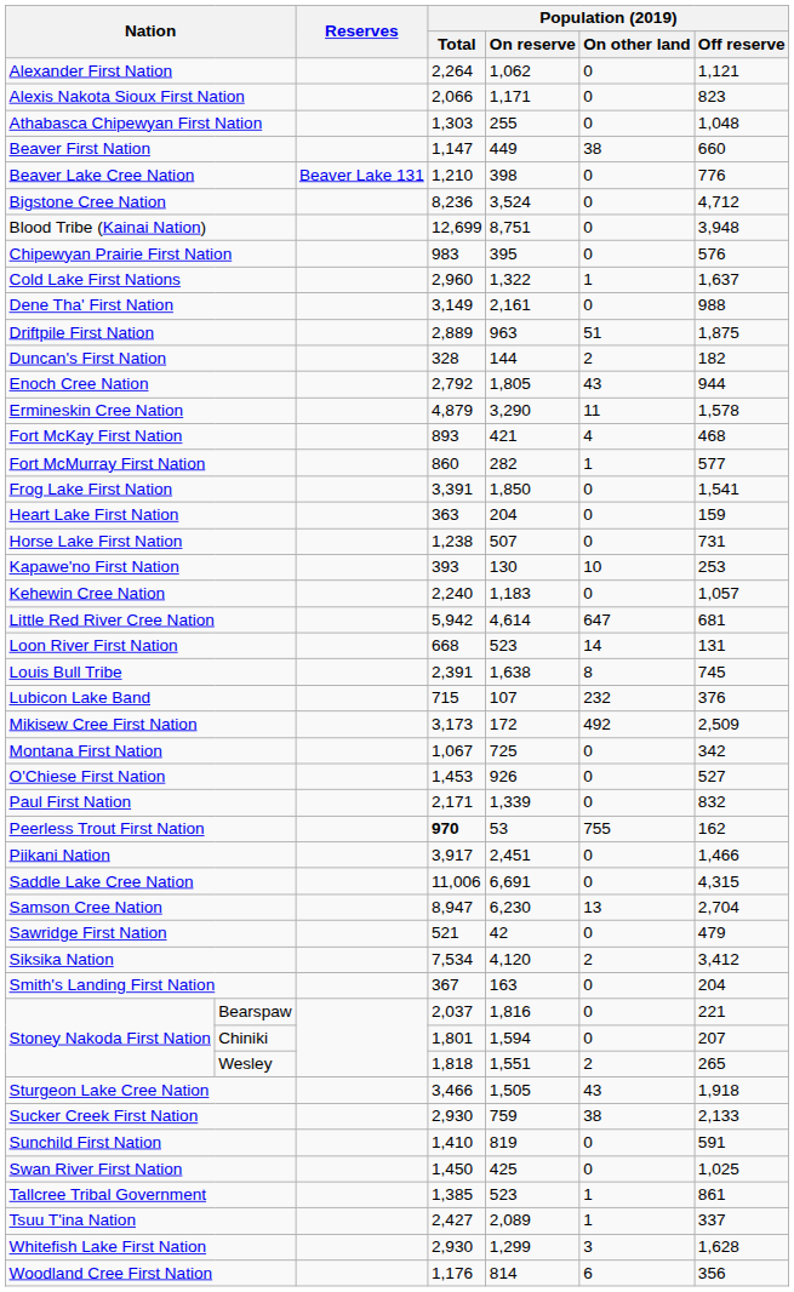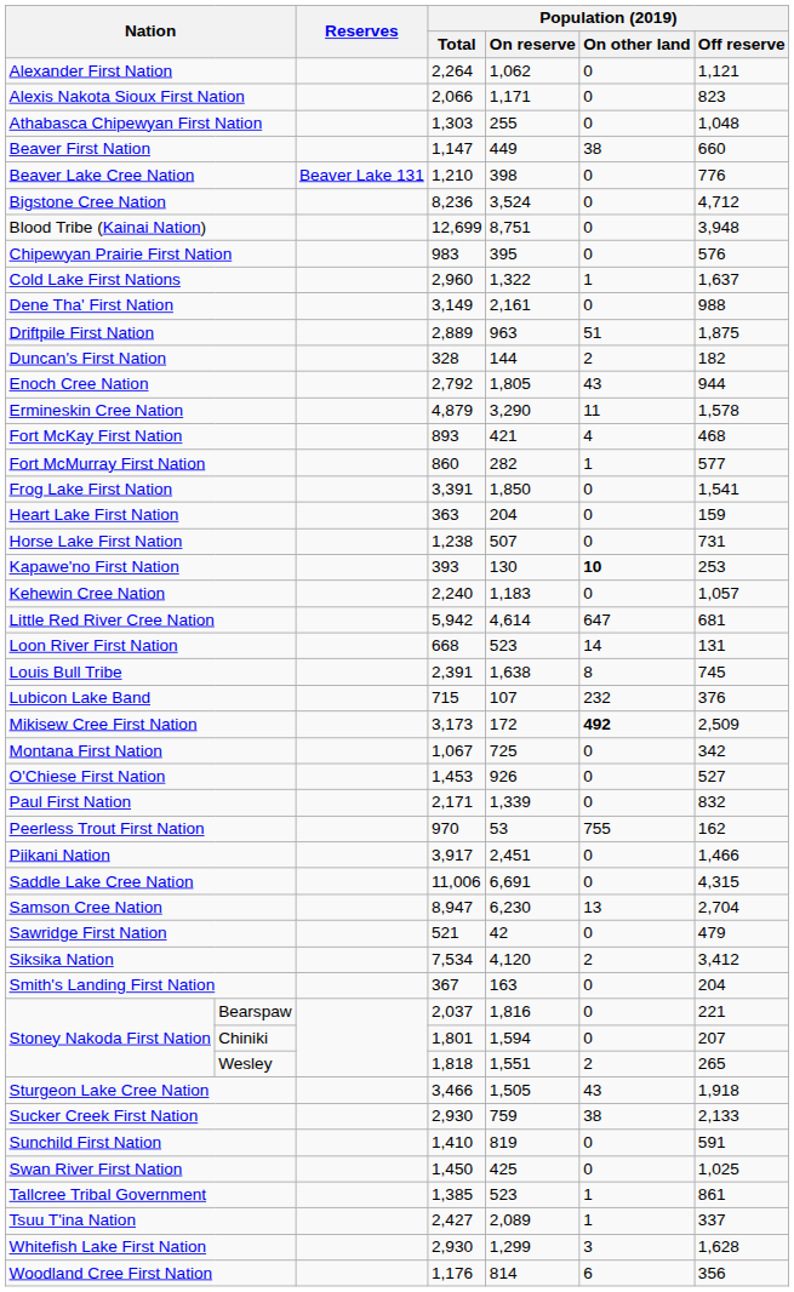 <table class="wikitable sortable">
 <tr>
 <th colspan="2" rowspan="2">Nation</th>
 <th rowspan="2" class=unsortable><a href='#'>Reserves</a></th>
 <th colspan="4">Population (2019)</th>
 </tr>
 <tr>
 <th>Total</th>
 <th>On reserve</th>
 <th>On other land</th>
 <th>Off reserve</th>
 </tr>
 <tr>
 <td colspan="2"><a href='#'>Alexander First Nation</a></td>
 <td></td>
 <td>2,264</td>
 <td>1,062</td>
 <td>0</td>
 <td>1,121</td>
 </tr>
 <tr>
 <td colspan="2"><a href='#'>Alexis Nakota Sioux First Nation</a></td>
 <td></td>
 <td>2,066</td>
 <td>1,171</td>
 <td>0</td>
 <td>823</td>
 </tr>
 <tr>
 <td colspan="2"><a href='#'>Athabasca Chipewyan First Nation</a></td>
 <td></td>
 <td>1,303</td>
 <td>255</td>
 <td>0</td>
 <td>1,048</td>
 </tr>
 <tr>
 <td colspan="2"><a href='#'>Beaver First Nation</a></td>
 <td></td>
 <td>1,147</td>
 <td>449</td>
 <td>38</td>
 <td>660</td>
 </tr>
 <tr>
 <td colspan="2"><a href='#'>Beaver Lake Cree Nation</a></td>
 <td><a href='#'>Beaver Lake 131</a></td>
 <td>1,210</td>
 <td>398</td>
 <td>0</td>
 <td>776</td>
 </tr>
 <tr>
 <td colspan="2"><a href='#'>Bigstone Cree Nation</a></td>
 <td></td>
 <td>8,236</td>
 <td>3,524</td>
 <td>0</td>
 <td>4,712</td>
 </tr>
 <tr>
 <td colspan="2">Blood Tribe (<a href='#'>Kainai Nation</a>)</td>
 <td></td>
 <td>12,699</td>
 <td>8,751</td>
 <td>0</td>
 <td>3,948</td>
 </tr>
 <tr>
 <td colspan="2"><a href='#'>Chipewyan Prairie First Nation</a></td>
 <td></td>
 <td>983</td>
 <td>395</td>
 <td>0</td>
 <td>576</td>
 </tr>
 <tr>
 <td colspan="2"><a href='#'>Cold Lake First Nations</a></td>
 <td></td>
 <td>2,960</td>
 <td>1,322</td>
 <td>1</td>
 <td>1,637</td>
 </tr>
 <tr>
 <td colspan="2"><a href='#'>Dene Tha' First Nation</a></td>
 <td></td>
 <td>3,149</td>
 <td>2,161</td>
 <td>0</td>
 <td>988</td>
 </tr>
 <tr>
 <td colspan="2"><a href='#'>Driftpile First Nation</a></td>
 <td></td>
 <td>2,889</td>
 <td>963</td>
 <td>51</td>
 <td>1,875</td>
 </tr>
 <tr>
 <td colspan="2"><a href='#'>Duncan's First Nation</a></td>
 <td></td>
 <td>328</td>
 <td>144</td>
 <td>2</td>
 <td>182</td>
 </tr>
 <tr>
 <td colspan="2"><a href='#'>Enoch Cree Nation</a></td>
 <td></td>
 <td>2,792</td>
 <td>1,805</td>
 <td>43</td>
 <td>944</td>
 </tr>
 <tr>
 <td colspan="2"><a href='#'>Ermineskin Cree Nation</a></td>
 <td></td>
 <td>4,879</td>
 <td>3,290</td>
 <td>11</td>
 <td>1,578</td>
 </tr>
 <tr>
 <td colspan="2"><a href='#'>Fort McKay First Nation</a></td>
 <td></td>
 <td>893</td>
 <td>421</td>
 <td>4</td>
 <td>468</td>
 </tr>
 <tr>
 <td colspan="2"><a href='#'>Fort McMurray First Nation</a></td>
 <td></td>
 <td>860</td>
 <td>282</td>
 <td>1</td>
 <td>577</td>
 </tr>
 <tr>
 <td colspan="2"><a href='#'>Frog Lake First Nation</a></td>
 <td></td>
 <td>3,391</td>
 <td>1,850</td>
 <td>0</td>
 <td>1,541</td>
 </tr>
 <tr>
 <td colspan="2"><a href='#'>Heart Lake First Nation</a></td>
 <td></td>
 <td>363</td>
 <td>204</td>
 <td>0</td>
 <td>159</td>
 </tr>
 <tr>
 <td colspan="2"><a href='#'>Horse Lake First Nation</a></td>
 <td></td>
 <td>1,238</td>
 <td>507</td>
 <td>0</td>
 <td>731</td>
 </tr>
 <tr>
 <td colspan="2"><a href='#'>Kapawe'no First Nation</a></td>
 <td></td>
 <td>393</td>
 <td>130</td>
-<td>10</td>
+<td><strong>10</strong></td>
 <td>253</td>
 </tr>
 <tr>
 <td colspan="2"><a href='#'>Kehewin Cree Nation</a></td>
 <td></td>
 <td>2,240</td>
 <td>1,183</td>
 <td>0</td>
 <td>1,057</td>
 </tr>
 <tr>
 <td colspan="2"><a href='#'>Little Red River Cree Nation</a></td>
 <td></td>
 <td>5,942</td>
 <td>4,614</td>
 <td>647</td>
 <td>681</td>
 </tr>
 <tr>
 <td colspan="2"><a href='#'>Loon River First Nation</a></td>
 <td></td>
 <td>668</td>
 <td>523</td>
 <td>14</td>
 <td>131</td>
 </tr>
 <tr>
 <td colspan="2"><a href='#'>Louis Bull Tribe</a></td>
 <td></td>
 <td>2,391</td>
 <td>1,638</td>
 <td>8</td>
 <td>745</td>
 </tr>
 <tr>
 <td colspan="2"><a href='#'>Lubicon Lake Band</a></td>
 <td></td>
 <td>715</td>
 <td>107</td>
 <td>232</td>
 <td>376</td>
 </tr>
 <tr>
 <td colspan="2"><a href='#'>Mikisew Cree First Nation</a></td>
 <td></td>
 <td>3,173</td>
 <td>172</td>
-<td>492</td>
+<td><strong>492</strong></td>
 <td>2,509</td>
 </tr>
 <tr>
 <td colspan="2"><a href='#'>Montana First Nation</a></td>
 <td></td>
 <td>1,067</td>
 <td>725</td>
 <td>0</td>
 <td>342</td>
 </tr>
 <tr>
 <td colspan="2"><a href='#'>O'Chiese First Nation</a></td>
 <td></td>
 <td>1,453</td>
 <td>926</td>
 <td>0</td>
 <td>527</td>
 </tr>
 <tr>
 <td colspan="2"><a href='#'>Paul First Nation</a></td>
 <td></td>
 <td>2,171</td>
 <td>1,339</td>
 <td>0</td>
 <td>832</td>
 </tr>
 <tr>
 <td colspan="2"><a href='#'>Peerless Trout First Nation</a></td>
 <td></td>
-<td><strong>970</strong></td>
+<td>970</td>
 <td>53</td>
 <td>755</td>
 <td>162</td>
 </tr>
 <tr>
 <td colspan="2"><a href='#'>Piikani Nation</a></td>
 <td></td>
 <td>3,917</td>
 <td>2,451</td>
 <td>0</td>
 <td>1,466</td>
 </tr>
 <tr>
 <td colspan="2"><a href='#'>Saddle Lake Cree Nation</a></td>
 <td></td>
 <td>11,006</td>
 <td>6,691</td>
 <td>0</td>
 <td>4,315</td>
 </tr>
 <tr>
 <td colspan="2"><a href='#'>Samson Cree Nation</a></td>
 <td></td>
 <td>8,947</td>
 <td>6,230</td>
 <td>13</td>
 <td>2,704</td>
 </tr>
 <tr>
 <td colspan="2"><a href='#'>Sawridge First Nation</a></td>
 <td></td>
 <td>521</td>
 <td>42</td>
 <td>0</td>
 <td>479</td>
 </tr>
 <tr>
 <td colspan="2"><a href='#'>Siksika Nation</a></td>
 <td></td>
 <td>7,534</td>
 <td>4,120</td>
 <td>2</td>
 <td>3,412</td>
 </tr>
 <tr>
 <td colspan="2"><a href='#'>Smith's Landing First Nation</a></td>
 <td></td>
 <td>367</td>
 <td>163</td>
 <td>0</td>
 <td>204</td>
 </tr>
 <tr>
 <td rowspan="3"><a href='#'>Stoney Nakoda First Nation</a></td>
 <td>Bearspaw</td>
 <td rowspan="3"></td>
 <td>2,037</td>
 <td>1,816</td>
 <td>0</td>
 <td>221</td>
 </tr>
 <tr>
 <td>Chiniki</td>
 <td>1,801</td>
 <td>1,594</td>
 <td>0</td>
 <td>207</td>
 </tr>
 <tr>
 <td>Wesley</td>
 <td>1,818</td>
 <td>1,551</td>
 <td>2</td>
 <td>265</td>
 </tr>
 <tr>
 <td colspan="2"><a href='#'>Sturgeon Lake Cree Nation</a></td>
 <td></td>
 <td>3,466</td>
 <td>1,505</td>
 <td>43</td>
 <td>1,918</td>
 </tr>
 <tr>
 <td colspan="2"><a href='#'>Sucker Creek First Nation</a></td>
 <td></td>
 <td>2,930</td>
 <td>759</td>
 <td>38</td>
 <td>2,133</td>
 </tr>
 <tr>
 <td colspan="2"><a href='#'>Sunchild First Nation</a></td>
 <td></td>
 <td>1,410</td>
 <td>819</td>
 <td>0</td>
 <td>591</td>
 </tr>
 <tr>
 <td colspan="2"><a href='#'>Swan River First Nation</a></td>
 <td></td>
 <td>1,450</td>
 <td>425</td>
 <td>0</td>
 <td>1,025</td>
 </tr>
 <tr>
 <td colspan="2"><a href='#'>Tallcree Tribal Government</a></td>
 <td></td>
 <td>1,385</td>
 <td>523</td>
 <td>1</td>
 <td>861</td>
 </tr>
 <tr>
 <td colspan="2"><a href='#'>Tsuu T'ina Nation</a></td>
 <td></td>
 <td>2,427</td>
 <td>2,089</td>
 <td>1</td>
 <td>337</td>
 </tr>
 <tr>
 <td colspan="2"><a href='#'>Whitefish Lake First Nation</a></td>
 <td></td>
 <td>2,930</td>
 <td>1,299</td>
 <td>3</td>
 <td>1,628</td>
 </tr>
 <tr>
 <td colspan="2"><a href='#'>Woodland Cree First Nation</a></td>
 <td></td>
 <td>1,176</td>
 <td>814</td>
 <td>6</td>
 <td>356</td>
 </tr>
 </table>
